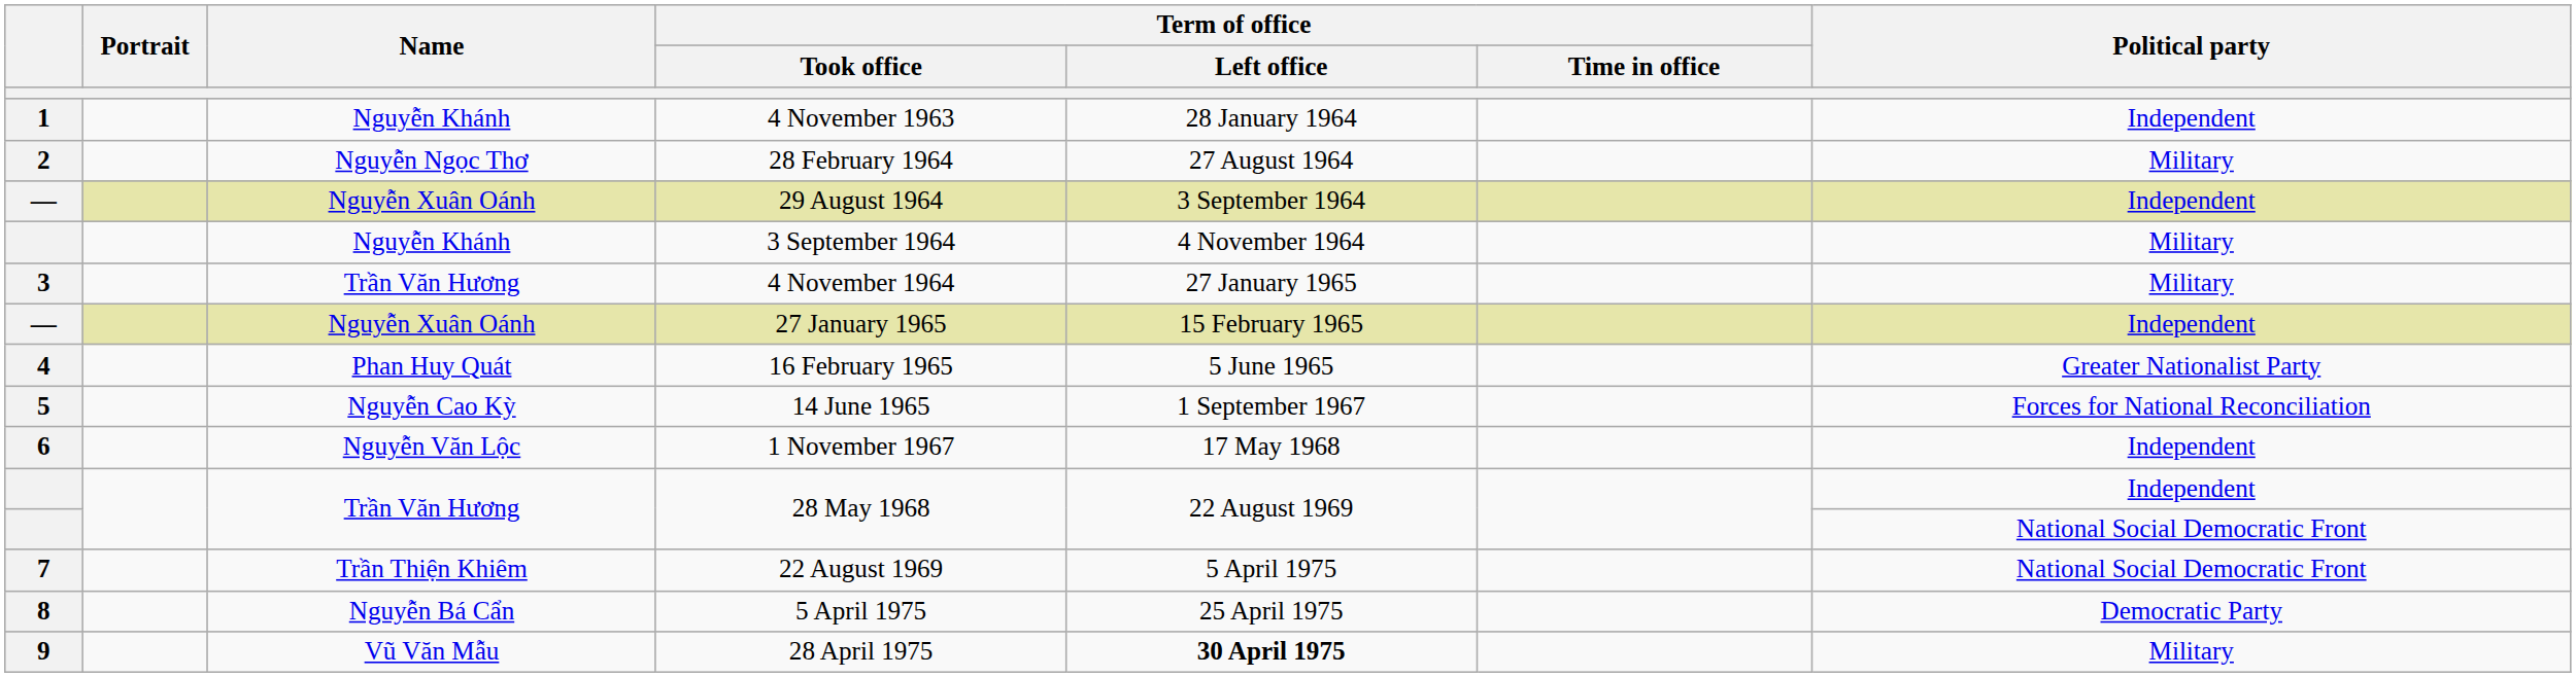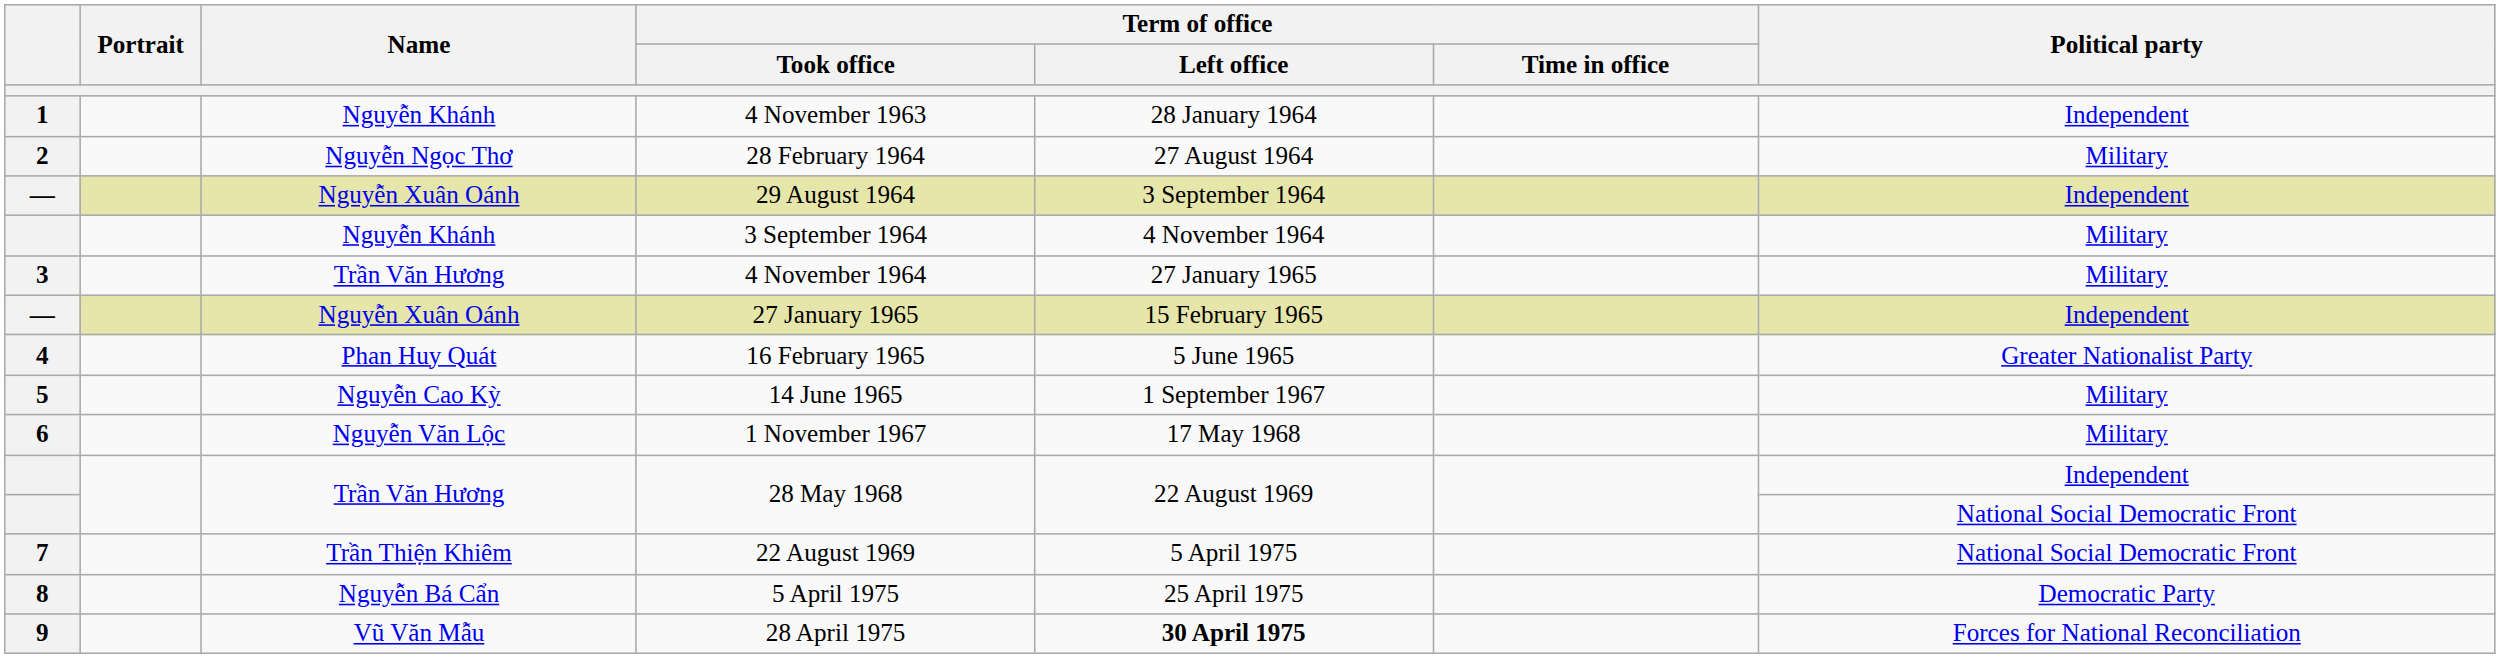 <table class="wikitable" style="text-align:center; border:1px #aaf solid; width:80%;">
 <tr>
 <th rowspan="2"></th>
 <th rowspan="2" style="width:70px;">Portrait</th>
 <th rowspan="2">Name<br></th>
 <th colspan="3">Term of office</th>
 <th rowspan="2">Political party</th>
 </tr>
 <tr>
 <th>Took office</th>
 <th>Left office</th>
 <th>Time in office</th>
 </tr>
 <tr>
 <th colspan=7></th>
 </tr>
 <tr>
 <th style="background:">1</th>
 <td></td>
 <td><a href='#'>Nguyễn Khánh</a><br></td>
 <td>4 November 1963</td>
 <td>28 January 1964</td>
 <td></td>
 <td><a href='#'>Independent</a></td>
 </tr>
 <tr>
 <th style="background:">2</th>
 <td></td>
 <td><a href='#'>Nguyễn Ngọc Thơ</a><br></td>
 <td>28 February 1964</td>
 <td>27 August 1964</td>
 <td></td>
 <td><a href='#'>Military</a></td>
 </tr>
 <tr>
 <th style="background:">—</th>
 <td style="background:#e6e6aa;"></td>
 <td style="background:#e6e6aa;"><a href='#'>Nguyễn Xuân Oánh</a><br></td>
 <td style="background:#e6e6aa;">29 August 1964</td>
 <td style="background:#e6e6aa;">3 September 1964</td>
 <td style="background:#e6e6aa;"></td>
 <td style="background:#e6e6aa;"><a href='#'>Independent</a></td>
 </tr>
 <tr>
 <th style="background:"></th>
 <td></td>
 <td><a href='#'>Nguyễn Khánh</a><br></td>
 <td>3 September 1964</td>
 <td>4 November 1964</td>
 <td></td>
 <td><a href='#'>Military</a></td>
 </tr>
 <tr>
 <th style="background:">3</th>
 <td></td>
 <td><a href='#'>Trần Văn Hương</a><br></td>
 <td>4 November 1964</td>
 <td>27 January 1965</td>
 <td></td>
 <td><a href='#'>Military</a></td>
 </tr>
 <tr>
 <th style="background:">—</th>
 <td style="background:#e6e6aa;"></td>
 <td style="background:#e6e6aa;"><a href='#'>Nguyễn Xuân Oánh</a><br></td>
 <td style="background:#e6e6aa;">27 January 1965</td>
 <td style="background:#e6e6aa;">15 February 1965</td>
 <td style="background:#e6e6aa;"></td>
 <td style="background:#e6e6aa;"><a href='#'>Independent</a></td>
 </tr>
 <tr>
 <th style="background:">4</th>
 <td></td>
 <td><a href='#'>Phan Huy Quát</a><br></td>
 <td>16 February 1965</td>
 <td>5 June 1965</td>
 <td></td>
 <td><a href='#'>Greater Nationalist Party</a></td>
 </tr>
 <tr>
 <th style="background:">5</th>
 <td></td>
 <td><a href='#'>Nguyễn Cao Kỳ</a><br></td>
 <td>14 June 1965</td>
 <td>1 September 1967</td>
 <td></td>
-<td><a href='#'>Forces for National Reconciliation</a></td>
+<td><a href='#'>Military</a></td>
 </tr>
 <tr>
 <th style="background:">6</th>
 <td></td>
 <td><a href='#'>Nguyễn Văn Lộc</a><br></td>
 <td>1 November 1967</td>
 <td>17 May 1968</td>
 <td></td>
-<td><a href='#'>Independent</a><br></td>
+<td><a href='#'>Military</a></td>
 </tr>
 <tr>
 <th style="background:"></th>
 <td rowspan="2"></td>
 <td rowspan="2"><a href='#'>Trần Văn Hương</a><br></td>
 <td rowspan="2">28 May 1968</td>
 <td rowspan="2">22 August 1969</td>
 <td rowspan="2"></td>
 <td><a href='#'>Independent</a><br></td>
 </tr>
 <tr>
 <th style="background:"></th>
 <td><a href='#'>National Social Democratic Front</a><br></td>
 </tr>
 <tr>
 <th style="background:">7</th>
 <td></td>
 <td><a href='#'>Trần Thiện Khiêm</a><br></td>
 <td>22 August 1969</td>
 <td>5 April 1975</td>
 <td></td>
 <td><a href='#'>National Social Democratic Front</a></td>
 </tr>
 <tr>
 <th style="background:">8</th>
 <td></td>
 <td><a href='#'>Nguyễn Bá Cẩn</a><br></td>
 <td>5 April 1975</td>
 <td>25 April 1975</td>
 <td></td>
 <td><a href='#'>Democratic Party</a></td>
 </tr>
 <tr>
 <th style="background:">9</th>
 <td></td>
 <td><a href='#'>Vũ Văn Mẫu</a><br></td>
 <td>28 April 1975</td>
 <td><strong>30 April 1975</strong></td>
 <td></td>
-<td><a href='#'>Military</a></td>
+<td><a href='#'>Forces for National Reconciliation</a></td>
 </tr>
 </table>
